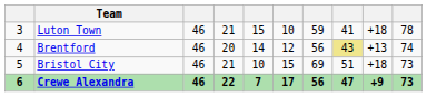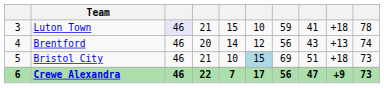 <table class="wikitable" style="text-align:center">
 <tr>
 <th width="30"></th>
 <th width="175">Team</th>
 <th width="30"></th>
 <th width="30"></th>
 <th width="30"></th>
 <th width="30"></th>
 <th width="30"></th>
 <th width="30"></th>
 <th width="30"></th>
 <th width="30"></th>
 </tr>
 <tr>
 <td>3</td>
 <td align=left><a href='#'>Luton Town</a></td>
-<td>46</td>
+<td style="background: lavender;">46</td>
 <td>21</td>
 <td>15</td>
 <td>10</td>
 <td>59</td>
 <td>41</td>
 <td>+18</td>
 <td>78</td>
 </tr>
 <tr>
 <td>4</td>
 <td align=left><a href='#'>Brentford</a></td>
 <td>46</td>
 <td>20</td>
 <td>14</td>
 <td>12</td>
 <td>56</td>
-<td style="background: khaki;">43</td>
+<td>43</td>
 <td>+13</td>
 <td>74</td>
 </tr>
 <tr>
 <td>5</td>
 <td align=left><a href='#'>Bristol City</a></td>
 <td>46</td>
 <td>21</td>
 <td>10</td>
-<td>15</td>
+<td style="background: lightblue;">15</td>
 <td>69</td>
 <td>51</td>
 <td>+18</td>
 <td>73</td>
 </tr>
 <tr style="background:#addfad;">
 <td><strong>6</strong></td>
 <td align=left><strong><a href='#'>Crewe Alexandra</a></strong></td>
 <td><strong>46</strong></td>
 <td><strong>22</strong></td>
 <td><strong>7</strong></td>
 <td><strong>17</strong></td>
 <td><strong>56</strong></td>
 <td><strong>47</strong></td>
 <td><strong>+9</strong></td>
 <td><strong>73</strong></td>
 </tr>
 </table>
